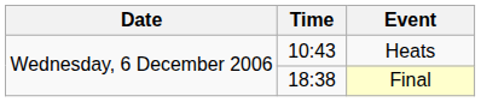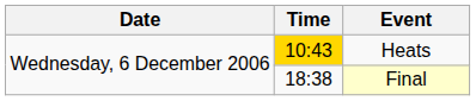 <table class = "wikitable" style="text-align:center;">
 <tr>
 <th width=220>Date</th>
 <th width=50>Time</th>
 <th width=100>Event</th>
 </tr>
 <tr>
 <td rowspan=2>Wednesday, 6 December 2006</td>
-<td>10:43</td>
+<td style="background: gold;">10:43</td>
 <td>Heats</td>
 </tr>
 <tr>
 <td>18:38</td>
 <td bgcolor=ffffcc>Final</td>
 </tr>
 </table>
